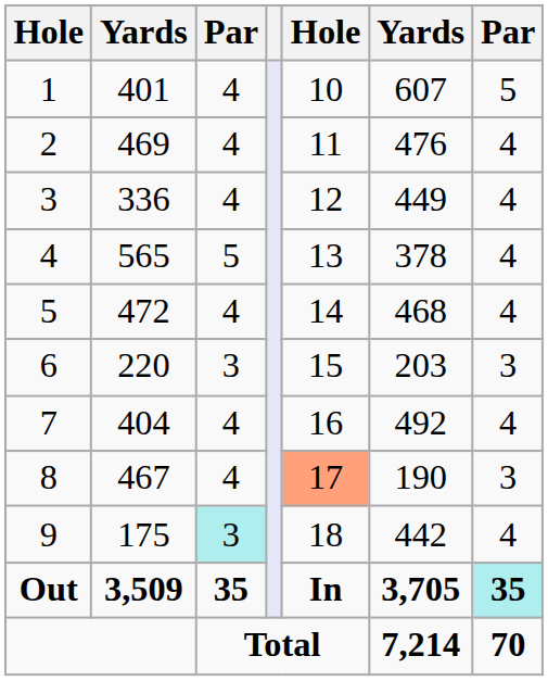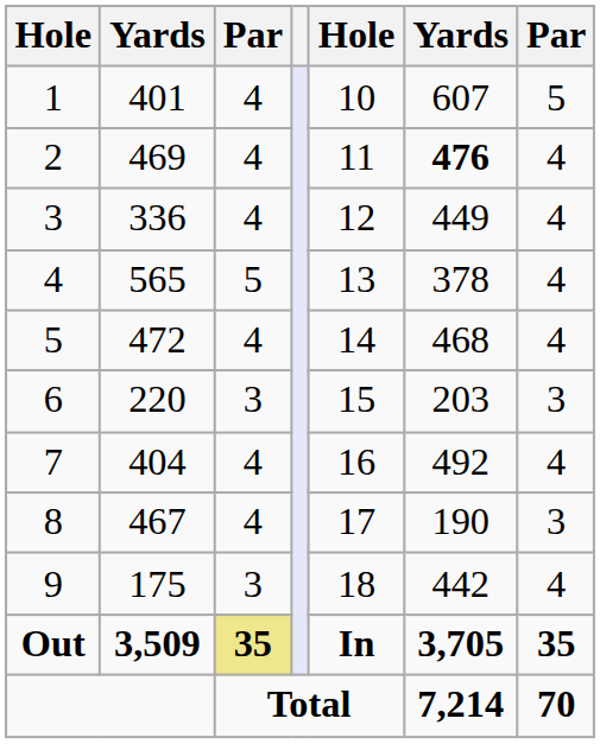 <table class="wikitable" style="text-align:center; font-size:100%;">
 <tr>
 <th>Hole</th>
 <th>Yards</th>
 <th>Par</th>
 <th></th>
 <th>Hole</th>
 <th>Yards</th>
 <th>Par</th>
 </tr>
 <tr>
 <td>1</td>
 <td>401</td>
 <td>4</td>
 <td rowspan=10 style="background:#E6E8FA;"></td>
 <td>10</td>
 <td>607</td>
 <td>5</td>
 </tr>
 <tr>
 <td>2</td>
 <td>469</td>
 <td>4</td>
 <td>11</td>
-<td>476</td>
+<td><strong>476</strong></td>
 <td>4</td>
 </tr>
 <tr>
 <td>3</td>
 <td>336</td>
 <td>4</td>
 <td>12</td>
 <td>449</td>
 <td>4</td>
 </tr>
 <tr>
 <td>4</td>
 <td>565</td>
 <td>5</td>
 <td>13</td>
 <td>378</td>
 <td>4</td>
 </tr>
 <tr>
 <td>5</td>
 <td>472</td>
 <td>4</td>
 <td>14</td>
 <td>468</td>
 <td>4</td>
 </tr>
 <tr>
 <td>6</td>
 <td>220</td>
 <td>3</td>
 <td>15</td>
 <td>203</td>
 <td>3</td>
 </tr>
 <tr>
 <td>7</td>
 <td>404</td>
 <td>4</td>
 <td>16</td>
 <td>492</td>
 <td>4</td>
 </tr>
 <tr>
 <td>8</td>
 <td>467</td>
 <td>4</td>
-<td style="background: lightsalmon;">17</td>
+<td>17</td>
 <td>190</td>
 <td>3</td>
 </tr>
 <tr>
 <td>9</td>
 <td>175</td>
-<td style="background: paleturquoise;">3</td>
+<td>3</td>
 <td>18</td>
 <td>442</td>
 <td>4</td>
 </tr>
 <tr>
 <td><strong>Out</strong></td>
 <td><strong>3,509</strong></td>
-<td><strong>35</strong></td>
+<td style="background: khaki;"><strong>35</strong></td>
 <td><strong>In</strong></td>
 <td><strong>3,705</strong></td>
-<td style="background: paleturquoise;"><strong>35</strong></td>
+<td><strong>35</strong></td>
 </tr>
 <tr>
 <td colspan=2 align=left></td>
 <td colspan=3><strong>Total</strong></td>
 <td><strong>7,214</strong></td>
 <td><strong>70</strong></td>
 </tr>
 </table>
